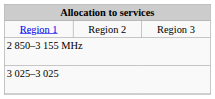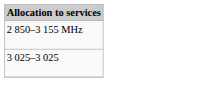 <table class=wikitable>
 <tr bgcolor="#CCCCCC" align="center">
 <td align="center" colspan="3"><strong>Allocation to services</strong></td>
-</tr>
-<tr align="center">
-<td align="center">     <a href='#'>Region 1</a>     </td>
-<td>     Region 2     </td>
-<td>     Region 3     </td>
 </tr>
 <tr>
 <td colspan="3">2 850–3 155 MHz<br><br></td>
 </tr>
 <tr>
 <td colspan="3">3 025–3 025 <br><br></td>
 </tr>
 <tr>
 </tr>
 </table>
